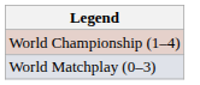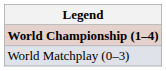 <table class="wikitable">
 <tr>
 <th>Legend</th>
 </tr>
 <tr style="background:#e5d1cb;">
-<td>World Championship (1–4)</td>
+<td><strong>World Championship (1–4)</strong></td>
 </tr>
 <tr style="background:#dfe2e9;">
 <td>World Matchplay (0–3)</td>
 </tr>
 </table>
